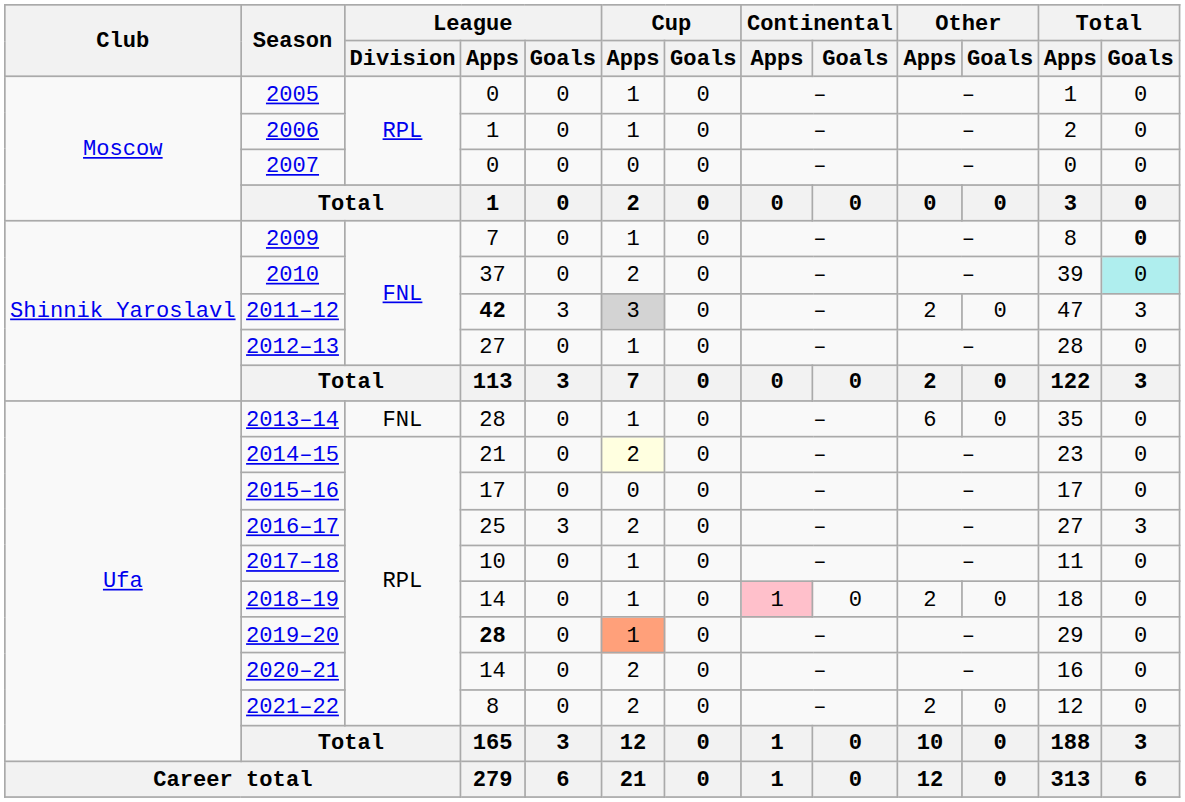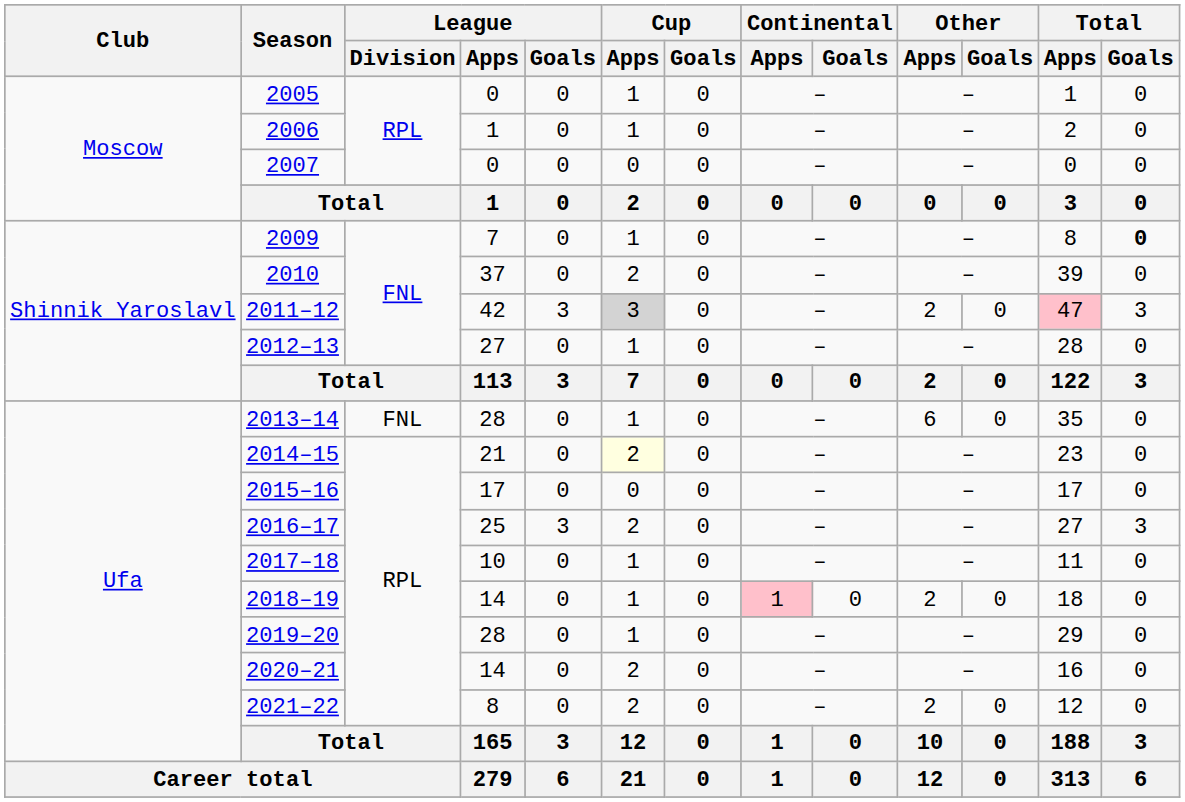 <table class="wikitable" style="text-align: center;">
 <tr>
 <th rowspan=2>Club</th>
 <th rowspan=2>Season</th>
 <th colspan=3>League</th>
 <th colspan=2>Cup</th>
 <th colspan=2>Continental</th>
 <th colspan=2>Other</th>
 <th colspan=2>Total</th>
 </tr>
 <tr>
 <th>Division</th>
 <th>Apps</th>
 <th>Goals</th>
 <th>Apps</th>
 <th>Goals</th>
 <th>Apps</th>
 <th>Goals</th>
 <th>Apps</th>
 <th>Goals</th>
 <th>Apps</th>
 <th>Goals</th>
 </tr>
 <tr>
 <td rowspan="4"><a href='#'>Moscow</a></td>
 <td><a href='#'>2005</a></td>
 <td rowspan="3"><a href='#'>RPL</a></td>
 <td>0</td>
 <td>0</td>
 <td>1</td>
 <td>0</td>
 <td colspan=2>–</td>
 <td colspan=2>–</td>
 <td>1</td>
 <td>0</td>
 </tr>
 <tr>
 <td><a href='#'>2006</a></td>
 <td>1</td>
 <td>0</td>
 <td>1</td>
 <td>0</td>
 <td colspan=2>–</td>
 <td colspan=2>–</td>
 <td>2</td>
 <td>0</td>
 </tr>
 <tr>
 <td><a href='#'>2007</a></td>
 <td>0</td>
 <td>0</td>
 <td>0</td>
 <td>0</td>
 <td colspan=2>–</td>
 <td colspan=2>–</td>
 <td>0</td>
 <td>0</td>
 </tr>
 <tr>
 <th colspan=2>Total</th>
 <th>1</th>
 <th>0</th>
 <th>2</th>
 <th>0</th>
 <th>0</th>
 <th>0</th>
 <th>0</th>
 <th>0</th>
 <th>3</th>
 <th>0</th>
 </tr>
 <tr>
 <td rowspan="5"><a href='#'>Shinnik Yaroslavl</a></td>
 <td><a href='#'>2009</a></td>
 <td rowspan="4"><a href='#'>FNL</a></td>
 <td>7</td>
 <td>0</td>
 <td>1</td>
 <td>0</td>
 <td colspan=2>–</td>
 <td colspan=2>–</td>
 <td>8</td>
 <td><strong>0</strong></td>
 </tr>
 <tr>
 <td><a href='#'>2010</a></td>
 <td>37</td>
 <td>0</td>
 <td>2</td>
 <td>0</td>
 <td colspan=2>–</td>
 <td colspan=2>–</td>
 <td>39</td>
-<td style="background: paleturquoise;">0</td>
+<td>0</td>
 </tr>
 <tr>
 <td><a href='#'>2011–12</a></td>
-<td><strong>42</strong></td>
+<td>42</td>
 <td>3</td>
 <td style="background: lightgrey;">3</td>
 <td>0</td>
 <td colspan=2>–</td>
 <td>2</td>
 <td>0</td>
-<td>47</td>
+<td style="background: pink;">47</td>
 <td>3</td>
 </tr>
 <tr>
 <td><a href='#'>2012–13</a></td>
 <td>27</td>
 <td>0</td>
 <td>1</td>
 <td>0</td>
 <td colspan=2>–</td>
 <td colspan=2>–</td>
 <td>28</td>
 <td>0</td>
 </tr>
 <tr>
 <th colspan=2>Total</th>
 <th>113</th>
 <th>3</th>
 <th>7</th>
 <th>0</th>
 <th>0</th>
 <th>0</th>
 <th>2</th>
 <th>0</th>
 <th>122</th>
 <th>3</th>
 </tr>
 <tr>
 <td rowspan="10"><a href='#'>Ufa</a></td>
 <td><a href='#'>2013–14</a></td>
 <td>FNL</td>
 <td>28</td>
 <td>0</td>
 <td>1</td>
 <td>0</td>
 <td colspan=2>–</td>
 <td>6</td>
 <td>0</td>
 <td>35</td>
 <td>0</td>
 </tr>
 <tr>
 <td><a href='#'>2014–15</a></td>
 <td rowspan="8">RPL</td>
 <td>21</td>
 <td>0</td>
 <td style="background: lightyellow;">2</td>
 <td>0</td>
 <td colspan=2>–</td>
 <td colspan=2>–</td>
 <td>23</td>
 <td>0</td>
 </tr>
 <tr>
 <td><a href='#'>2015–16</a></td>
 <td>17</td>
 <td>0</td>
 <td>0</td>
 <td>0</td>
 <td colspan=2>–</td>
 <td colspan=2>–</td>
 <td>17</td>
 <td>0</td>
 </tr>
 <tr>
 <td><a href='#'>2016–17</a></td>
 <td>25</td>
 <td>3</td>
 <td>2</td>
 <td>0</td>
 <td colspan=2>–</td>
 <td colspan=2>–</td>
 <td>27</td>
 <td>3</td>
 </tr>
 <tr>
 <td><a href='#'>2017–18</a></td>
 <td>10</td>
 <td>0</td>
 <td>1</td>
 <td>0</td>
 <td colspan=2>–</td>
 <td colspan=2>–</td>
 <td>11</td>
 <td>0</td>
 </tr>
 <tr>
 <td><a href='#'>2018–19</a></td>
 <td>14</td>
 <td>0</td>
 <td>1</td>
 <td>0</td>
 <td style="background: pink;">1</td>
 <td>0</td>
 <td>2</td>
 <td>0</td>
 <td>18</td>
 <td>0</td>
 </tr>
 <tr>
 <td><a href='#'>2019–20</a></td>
-<td><strong>28</strong></td>
+<td>28</td>
 <td>0</td>
-<td style="background: lightsalmon;">1</td>
+<td>1</td>
 <td>0</td>
 <td colspan=2>–</td>
 <td colspan=2>–</td>
 <td>29</td>
 <td>0</td>
 </tr>
 <tr>
 <td><a href='#'>2020–21</a></td>
 <td>14</td>
 <td>0</td>
 <td>2</td>
 <td>0</td>
 <td colspan=2>–</td>
 <td colspan=2>–</td>
 <td>16</td>
 <td>0</td>
 </tr>
 <tr>
 <td><a href='#'>2021–22</a></td>
 <td>8</td>
 <td>0</td>
 <td>2</td>
 <td>0</td>
 <td colspan=2>–</td>
 <td>2</td>
 <td>0</td>
 <td>12</td>
 <td>0</td>
 </tr>
 <tr>
 <th colspan=2>Total</th>
 <th>165</th>
 <th>3</th>
 <th>12</th>
 <th>0</th>
 <th>1</th>
 <th>0</th>
 <th>10</th>
 <th>0</th>
 <th>188</th>
 <th>3</th>
 </tr>
 <tr>
 <th colspan=3>Career total</th>
 <th>279</th>
 <th>6</th>
 <th>21</th>
 <th>0</th>
 <th>1</th>
 <th>0</th>
 <th>12</th>
 <th>0</th>
 <th>313</th>
 <th>6</th>
 </tr>
 </table>
